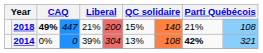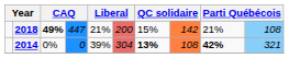 <table class="wikitable" style="width:400; font-size:90%; margin-left:1em;">
 <tr>
 <th colspan="2" scope="col">Year</th>
 <th colspan="2" scope="col"><a href='#'>CAQ</a></th>
 <th colspan="2" scope="col"><a href='#'>Liberal</a></th>
 <th colspan="2" scope="col"><a href='#'>QC solidaire</a></th>
 <th colspan="2" scope="col"><a href='#'>Parti Québécois</a></th>
 </tr>
 <tr>
 <td style="width: 0.25em; background-color: "></td>
 <th><a href='#'>2018</a></th>
 <td><strong>49%</strong></td>
 <td style="text-align:right; background:#1E90FF;"><em>447</em></td>
 <td>21%</td>
 <td style="text-align:right; background:#EA6D6A;"><em>200</em></td>
 <td>15%</td>
-<td style="text-align:right; background:#FF8040;"><em>140</em></td>
+<td style="text-align:right; background:#FF8040;"><em>142</em></td>
 <td>21%</td>
 <td style="text-align:right; background:#87CEFA;"><em>108</em></td>
 </tr>
 <tr>
 <td style="width: 0.25em; background-color: "></td>
 <th><a href='#'>2014</a></th>
 <td>0%</td>
 <td style="text-align:right; background:#1E90FF;"><em>0</em></td>
 <td>39%</td>
 <td style="text-align:right; background:#EA6D6A;"><em>304</em></td>
-<td>13%</td>
+<td><strong>13%</strong></td>
 <td style="text-align:right; background:#FF8040;"><em>108</em></td>
 <td><strong>42%</strong></td>
 <td style="text-align:right; background:#87CEFA;"><em>321</em></td>
 </tr>
 <tr>
 </tr>
 </table>
